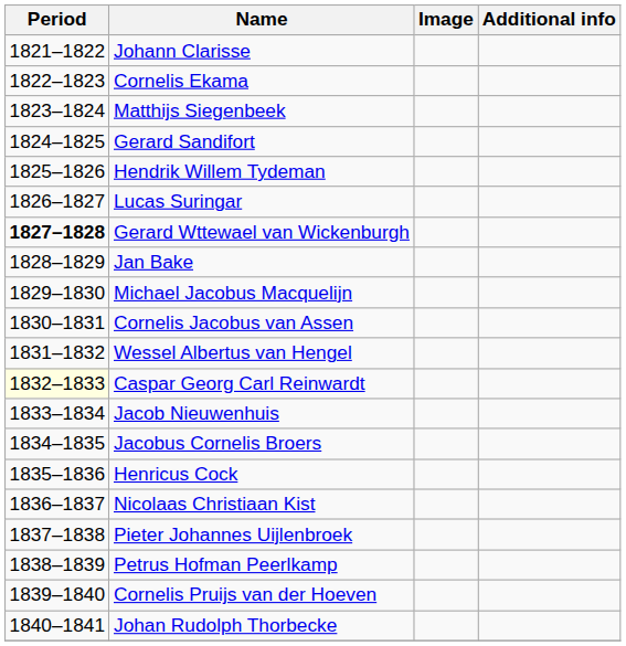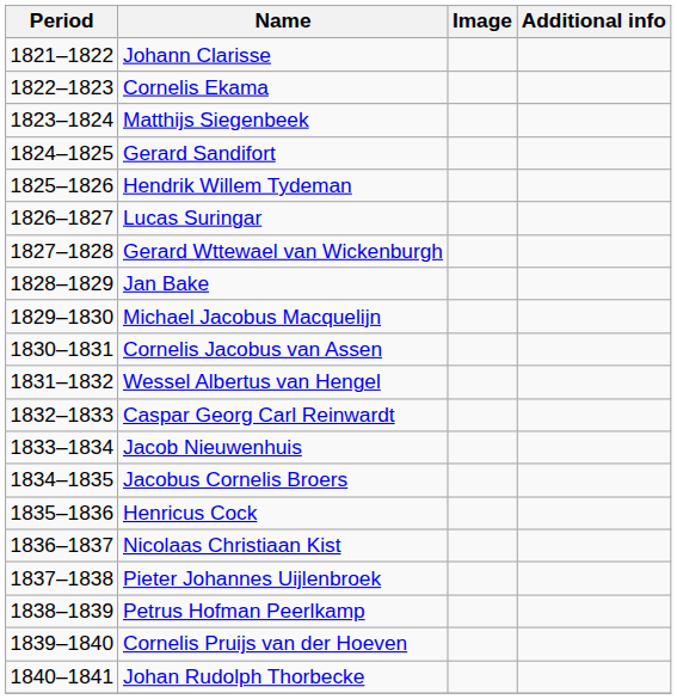 <table class="wikitable">
 <tr>
 <th>Period</th>
 <th>Name</th>
 <th>Image</th>
 <th>Additional info</th>
 </tr>
 <tr>
 <td>1821–1822</td>
 <td><a href='#'>Johann Clarisse</a></td>
 <td></td>
 <td></td>
 </tr>
 <tr>
 <td>1822–1823</td>
 <td><a href='#'>Cornelis Ekama</a></td>
 <td></td>
 <td></td>
 </tr>
 <tr>
 <td>1823–1824</td>
 <td><a href='#'>Matthijs Siegenbeek</a></td>
 <td></td>
 <td></td>
 </tr>
 <tr>
 <td>1824–1825</td>
 <td><a href='#'>Gerard Sandifort</a></td>
 <td></td>
 <td></td>
 </tr>
 <tr>
 <td>1825–1826</td>
 <td><a href='#'>Hendrik Willem Tydeman</a></td>
 <td></td>
 <td></td>
 </tr>
 <tr>
 <td>1826–1827</td>
 <td><a href='#'>Lucas Suringar</a></td>
 <td></td>
 <td></td>
 </tr>
 <tr>
-<td><strong>1827–1828</strong></td>
+<td>1827–1828</td>
 <td><a href='#'>Gerard Wttewael van Wickenburgh</a></td>
 <td></td>
 <td></td>
 </tr>
 <tr>
 <td>1828–1829</td>
 <td><a href='#'>Jan Bake</a></td>
 <td></td>
 <td></td>
 </tr>
 <tr>
 <td>1829–1830</td>
 <td><a href='#'>Michael Jacobus Macquelijn</a></td>
 <td></td>
 <td></td>
 </tr>
 <tr>
 <td>1830–1831</td>
 <td><a href='#'>Cornelis Jacobus van Assen</a></td>
 <td></td>
 <td></td>
 </tr>
 <tr>
 <td>1831–1832</td>
 <td><a href='#'>Wessel Albertus van Hengel</a></td>
 <td></td>
 <td></td>
 </tr>
 <tr>
-<td style="background: lightyellow;">1832–1833</td>
+<td>1832–1833</td>
 <td><a href='#'>Caspar Georg Carl Reinwardt</a></td>
 <td></td>
 <td></td>
 </tr>
 <tr>
 <td>1833–1834</td>
 <td><a href='#'>Jacob Nieuwenhuis</a></td>
 <td></td>
 <td></td>
 </tr>
 <tr>
 <td>1834–1835</td>
 <td><a href='#'>Jacobus Cornelis Broers</a></td>
 <td></td>
 <td></td>
 </tr>
 <tr>
 <td>1835–1836</td>
 <td><a href='#'>Henricus Cock</a></td>
 <td></td>
 <td></td>
 </tr>
 <tr>
 <td>1836–1837</td>
 <td><a href='#'>Nicolaas Christiaan Kist</a></td>
 <td></td>
 <td></td>
 </tr>
 <tr>
 <td>1837–1838</td>
 <td><a href='#'>Pieter Johannes Uijlenbroek</a></td>
 <td></td>
 <td></td>
 </tr>
 <tr>
 <td>1838–1839</td>
 <td><a href='#'>Petrus Hofman Peerlkamp</a></td>
 <td></td>
 <td></td>
 </tr>
 <tr>
 <td>1839–1840</td>
 <td><a href='#'>Cornelis Pruijs van der Hoeven</a></td>
 <td></td>
 <td></td>
 </tr>
 <tr>
 <td>1840–1841</td>
 <td><a href='#'>Johan Rudolph Thorbecke</a></td>
 <td></td>
 <td></td>
 </tr>
 <tr>
 </tr>
 </table>
